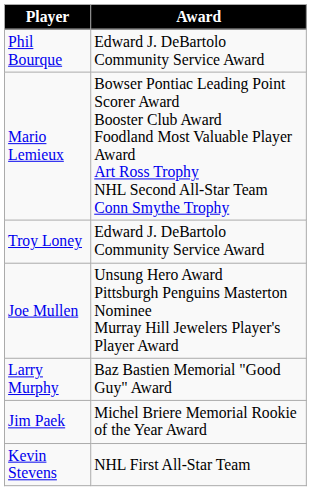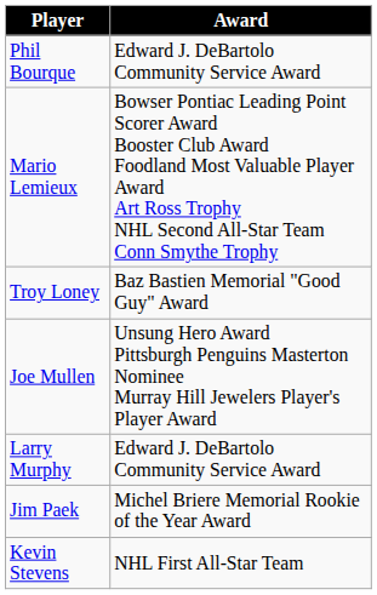 <table class="wikitable" border="1" style="width:35%;">
 <tr style="background:#ddd;">
 <th style="color:white; background:#000000; ">Player</th>
 <th style="color:white; background:#000000; ">Award</th>
 </tr>
 <tr>
 <td><a href='#'>Phil Bourque</a></td>
 <td>Edward J. DeBartolo Community Service Award</td>
 </tr>
 <tr>
 <td><a href='#'>Mario Lemieux</a></td>
 <td>Bowser Pontiac Leading Point Scorer Award<br>Booster Club Award<br>Foodland Most Valuable Player Award<br><a href='#'>Art Ross Trophy</a><br>NHL Second All-Star Team<br><a href='#'>Conn Smythe Trophy</a></td>
 </tr>
 <tr>
 <td><a href='#'>Troy Loney</a></td>
-<td>Edward J. DeBartolo Community Service Award</td>
+<td>Baz Bastien Memorial "Good Guy" Award</td>
 </tr>
 <tr>
 <td><a href='#'>Joe Mullen</a></td>
 <td>Unsung Hero Award<br>Pittsburgh Penguins Masterton Nominee<br>Murray Hill Jewelers Player's Player Award</td>
 </tr>
 <tr>
 <td><a href='#'>Larry Murphy</a></td>
-<td>Baz Bastien Memorial "Good Guy" Award</td>
+<td>Edward J. DeBartolo Community Service Award</td>
 </tr>
 <tr>
 <td><a href='#'>Jim Paek</a></td>
 <td>Michel Briere Memorial Rookie of the Year Award</td>
 </tr>
 <tr>
 <td><a href='#'>Kevin Stevens</a></td>
 <td>NHL First All-Star Team</td>
 </tr>
 </table>
